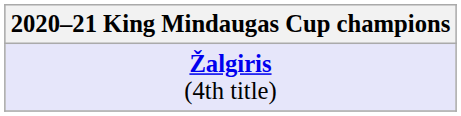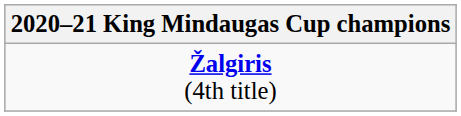 <table class=wikitable style="text-align:center; margin:auto">
 <tr>
 <th>2020–21 King Mindaugas Cup champions</th>
 </tr>
 <tr>
-<td style="background: lavender;"><strong><a href='#'>Žalgiris</a></strong><br>(4th title)</td>
+<td><strong><a href='#'>Žalgiris</a></strong><br>(4th title)</td>
 </tr>
 </table>
